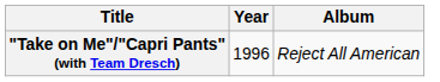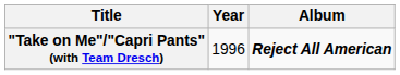 <table class="wikitable plainrowheaders" style="text-align:left">
 <tr>
 <th scope="col">Title</th>
 <th scope="col">Year</th>
 <th scope="col">Album</th>
 </tr>
 <tr>
 <th scope="row">"Take on Me"/"Capri Pants"<br><small>(with <a href='#'>Team Dresch</a>)</small></th>
 <td>1996</td>
-<td><em>Reject All American</em></td>
+<td><strong><em>Reject All American</em></strong></td>
 </tr>
 </table>
